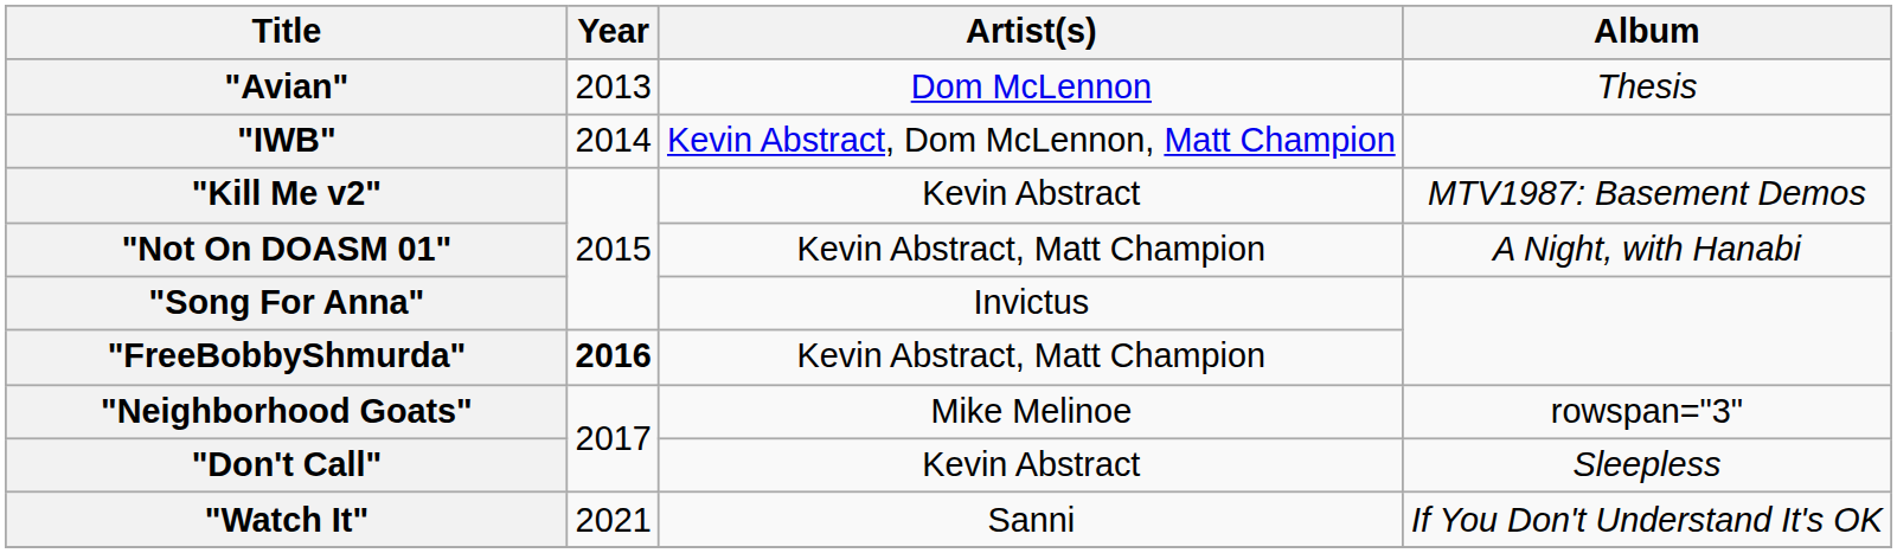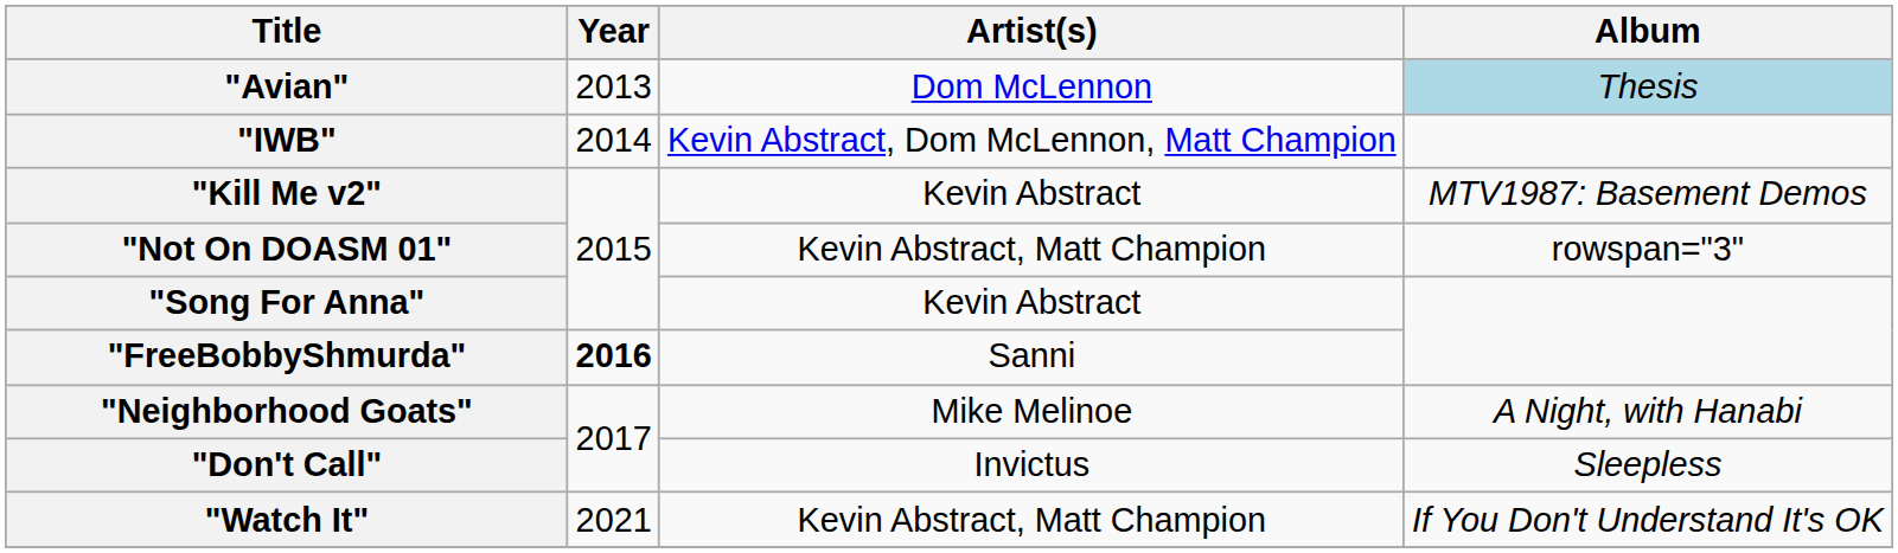 <table class="wikitable plainrowheaders" style="text-align:center;">
 <tr>
 <th scope="col" style="width:16em;">Title</th>
 <th scope="col">Year</th>
 <th scope="col">Artist(s)</th>
 <th scope="col">Album</th>
 </tr>
 <tr>
 <th scope="row">"Avian"</th>
 <td>2013</td>
 <td><a href='#'>Dom McLennon</a></td>
-<td><em>Thesis</em></td>
+<td style="background: lightblue;"><em>Thesis</em></td>
 </tr>
 <tr>
 <th scope="row">"IWB"</th>
 <td>2014</td>
 <td><a href='#'>Kevin Abstract</a>, Dom McLennon, <a href='#'>Matt Champion</a></td>
 <td></td>
 </tr>
 <tr>
 <th scope="row">"Kill Me v2"</th>
 <td rowspan="3">2015</td>
 <td>Kevin Abstract</td>
 <td><em>MTV1987: Basement Demos</em></td>
 </tr>
 <tr>
 <th scope="row">"Not On DOASM 01"</th>
 <td>Kevin Abstract, Matt Champion</td>
-<td><em>A Night, with Hanabi</em></td>
+<td>rowspan="3" </td>
 </tr>
 <tr>
 <th scope="row">"Song For Anna"</th>
-<td>Invictus</td>
+<td>Kevin Abstract</td>
 </tr>
 <tr>
 <th scope="row">"FreeBobbyShmurda"</th>
 <td><strong>2016</strong></td>
-<td>Kevin Abstract, Matt Champion</td>
+<td>Sanni</td>
 </tr>
 <tr>
 <th scope="row">"Neighborhood Goats"</th>
 <td rowspan="2">2017</td>
 <td>Mike Melinoe</td>
-<td>rowspan="3" </td>
+<td><em>A Night, with Hanabi</em></td>
 </tr>
 <tr>
 <th scope="row">"Don't Call"</th>
-<td>Kevin Abstract</td>
+<td>Invictus</td>
 <td><em>Sleepless</em></td>
 </tr>
 <tr>
 <th scope="row">"Watch It"</th>
 <td>2021</td>
-<td>Sanni</td>
+<td>Kevin Abstract, Matt Champion</td>
 <td><em>If You Don't Understand It's OK</em></td>
 </tr>
 <tr>
 </tr>
 </table>
